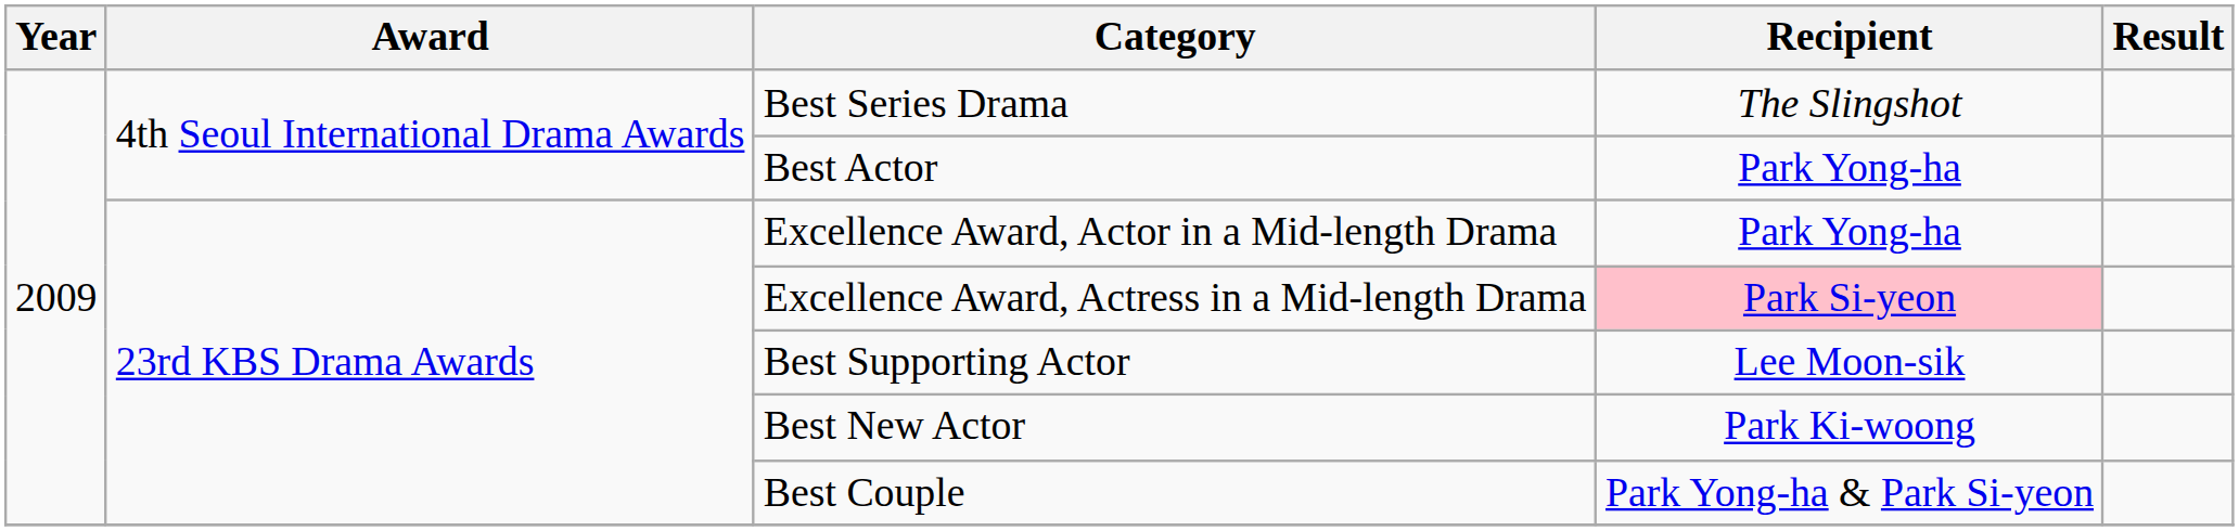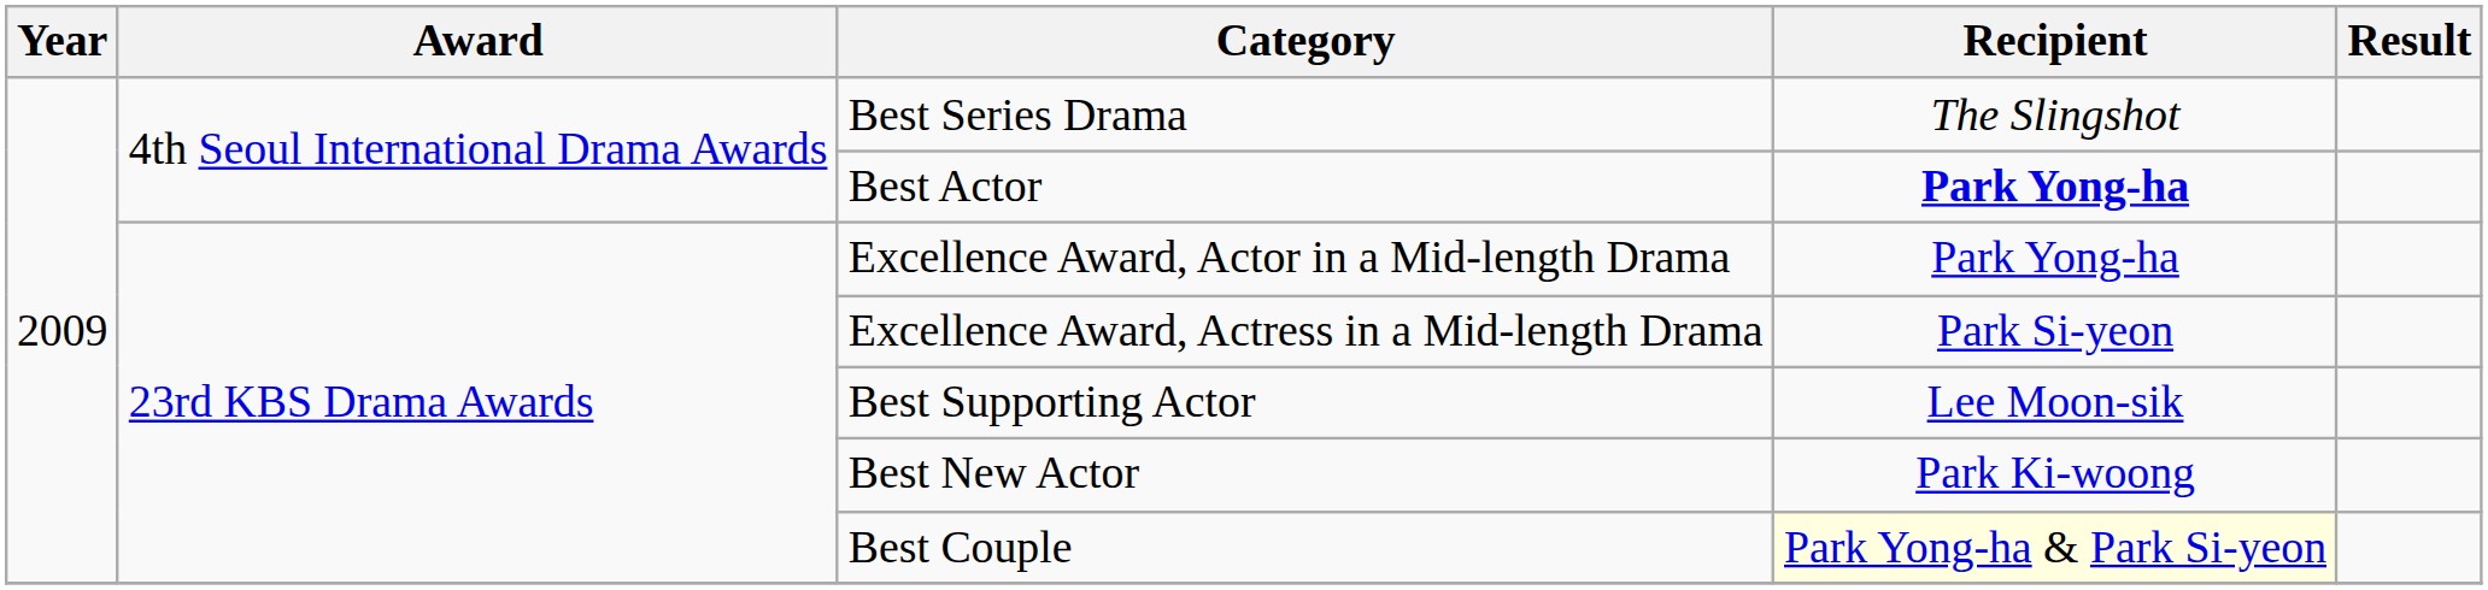 <table class="wikitable">
 <tr>
 <th>Year</th>
 <th>Award</th>
 <th>Category</th>
 <th>Recipient</th>
 <th>Result</th>
 </tr>
 <tr>
 <td rowspan="7" style="text-align:center;">2009</td>
 <td rowspan="2">4th <a href='#'>Seoul International Drama Awards</a></td>
 <td>Best Series Drama</td>
 <td style="text-align:center;"><em>The Slingshot</em></td>
 <td></td>
 </tr>
 <tr>
 <td>Best Actor</td>
-<td style="text-align:center;"><a href='#'>Park Yong-ha</a></td>
+<td style="text-align:center;"><strong><a href='#'>Park Yong-ha</a></strong></td>
 <td></td>
 </tr>
 <tr>
 <td rowspan="5"><a href='#'>23rd KBS Drama Awards</a></td>
 <td>Excellence Award, Actor in a Mid-length Drama</td>
 <td style="text-align:center;"><a href='#'>Park Yong-ha</a></td>
 <td></td>
 </tr>
 <tr>
 <td>Excellence Award, Actress in a Mid-length Drama</td>
-<td style="background: pink; text-align:center;"><a href='#'>Park Si-yeon</a></td>
+<td style="text-align:center;"><a href='#'>Park Si-yeon</a></td>
 <td></td>
 </tr>
 <tr>
 <td>Best Supporting Actor</td>
 <td style="text-align:center;"><a href='#'>Lee Moon-sik</a></td>
 <td></td>
 </tr>
 <tr>
 <td>Best New Actor</td>
 <td style="text-align:center;"><a href='#'>Park Ki-woong</a></td>
 <td></td>
 </tr>
 <tr>
 <td>Best Couple</td>
-<td style="text-align:center;"><a href='#'>Park Yong-ha</a> & <a href='#'>Park Si-yeon</a></td>
+<td style="background: lightyellow; text-align:center;"><a href='#'>Park Yong-ha</a> & <a href='#'>Park Si-yeon</a></td>
 <td></td>
 </tr>
 <tr>
 </tr>
 </table>
